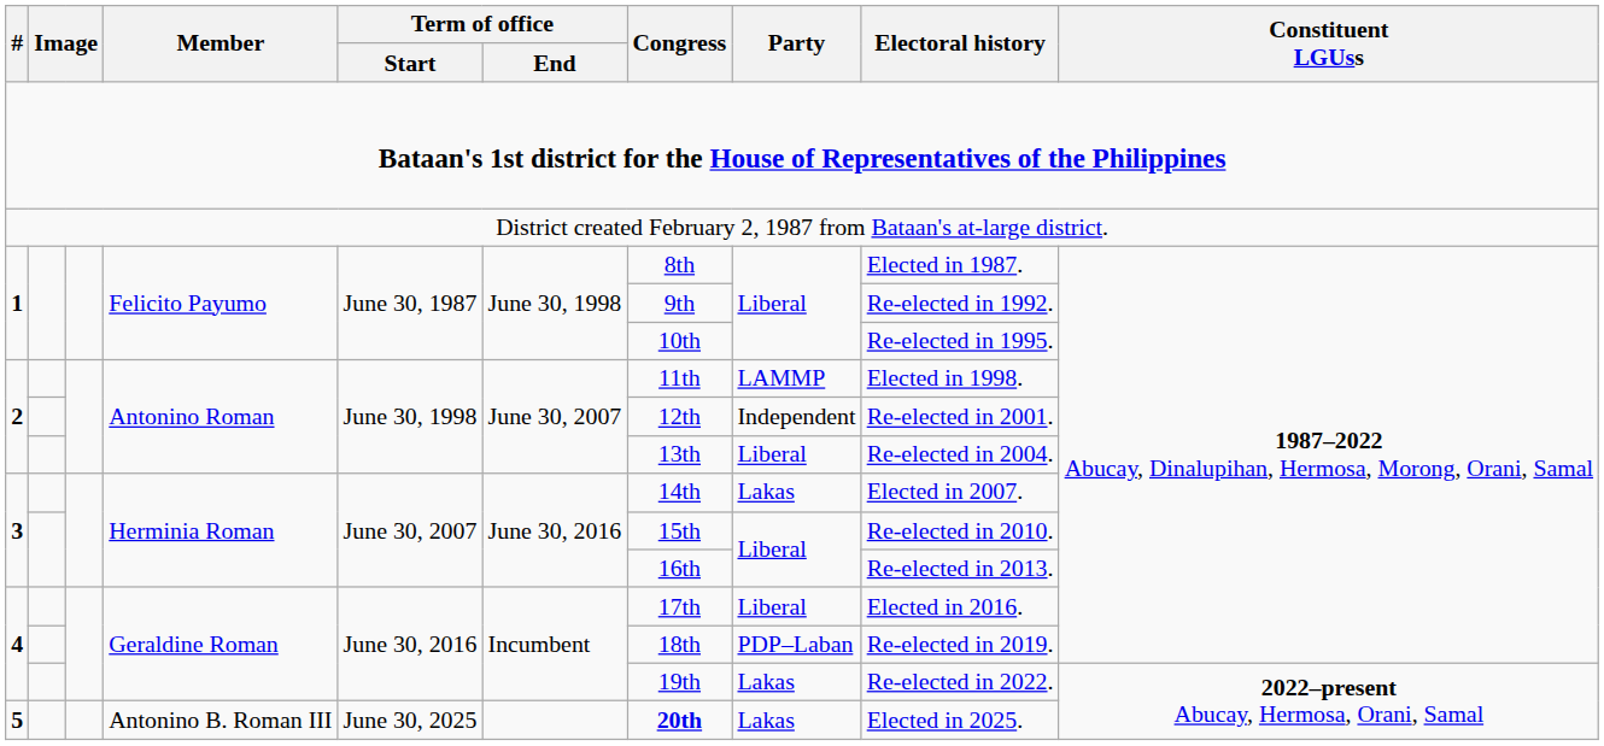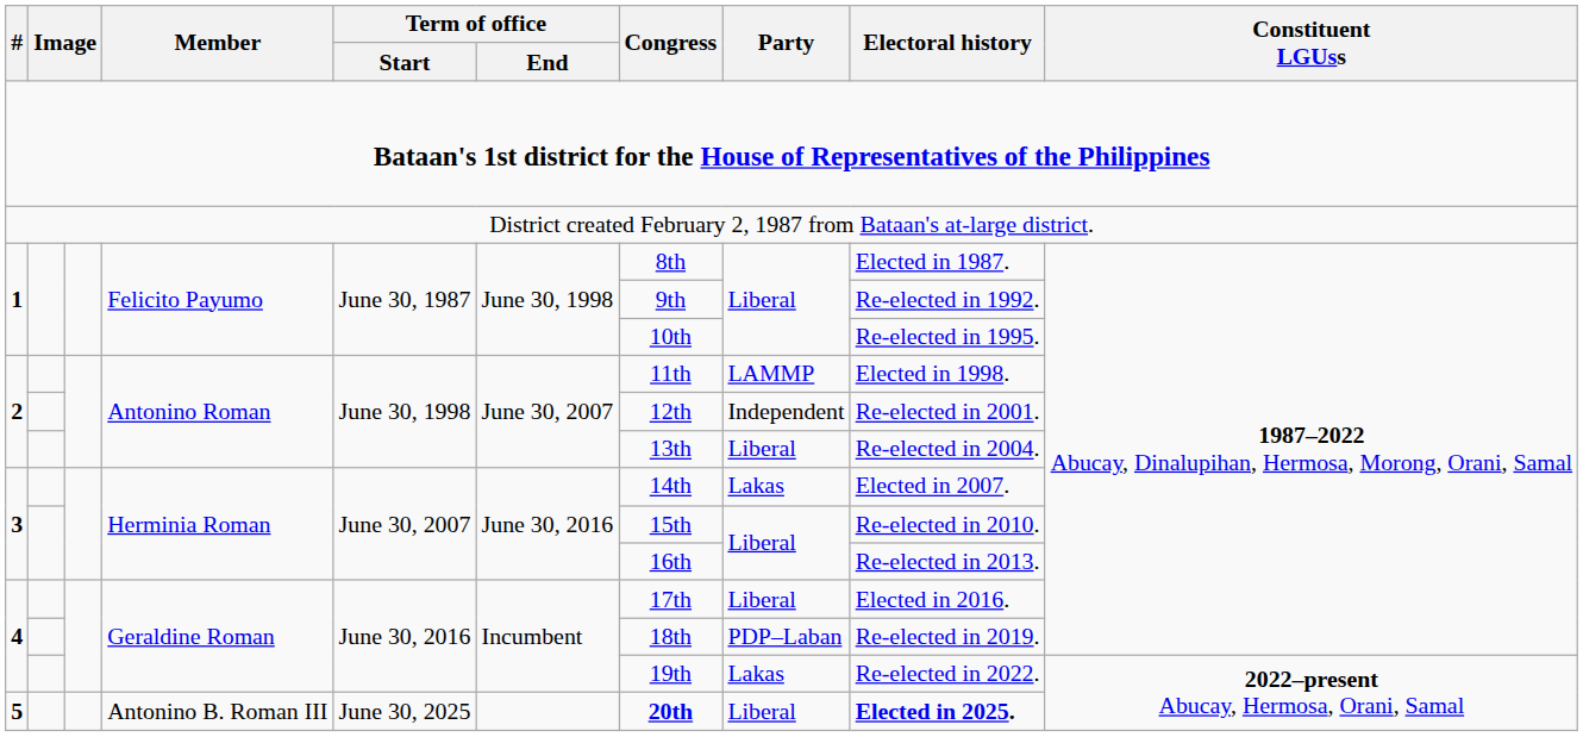 <table class=wikitable>
 <tr>
 <th rowspan="2">#</th>
 <th rowspan="2" colspan=2>Image</th>
 <th rowspan="2">Member</th>
 <th colspan=2>Term of office</th>
 <th rowspan="2">Congress</th>
 <th rowspan="2">Party</th>
 <th rowspan="2">Electoral history</th>
 <th rowspan="2">Constituent<br><a href='#'>LGUs</a>s</th>
 </tr>
 <tr>
 <th>Start</th>
 <th>End</th>
 </tr>
 <tr>
 <td colspan="10" style="text-align:center;"><br><h3>Bataan's 1st district for the <a href='#'>House of Representatives of the Philippines</a></h3></td>
 </tr>
 <tr>
 <td colspan="10" style="text-align:center;">District created February 2, 1987 from <a href='#'>Bataan's at-large district</a>.</td>
 </tr>
 <tr>
 <td rowspan="3" style="text-align:center;"><strong>1</strong></td>
 <td rowspan="3" style="color:inherit;background:"></td>
 <td rowspan="3"></td>
 <td rowspan="3"><a href='#'>Felicito Payumo</a></td>
 <td rowspan="3">June 30, 1987</td>
 <td rowspan="3">June 30, 1998</td>
 <td style="text-align:center;"><a href='#'>8th</a></td>
 <td rowspan="3"><a href='#'>Liberal</a></td>
 <td><a href='#'>Elected in 1987</a>.</td>
 <td rowspan="11" style="text-align:center;"><strong>1987–2022</strong><br><a href='#'>Abucay</a>, <a href='#'>Dinalupihan</a>, <a href='#'>Hermosa</a>, <a href='#'>Morong</a>, <a href='#'>Orani</a>, <a href='#'>Samal</a></td>
 </tr>
 <tr>
 <td style="text-align:center;"><a href='#'>9th</a></td>
 <td><a href='#'>Re-elected in 1992</a>.</td>
 </tr>
 <tr>
 <td style="text-align:center;"><a href='#'>10th</a></td>
 <td><a href='#'>Re-elected in 1995</a>.</td>
 </tr>
 <tr>
 <td rowspan="3" style="text-align:center;"><strong>2</strong></td>
 <td style="color:inherit;background:"></td>
 <td rowspan="3"></td>
 <td rowspan="3"><a href='#'>Antonino Roman</a></td>
 <td rowspan="3">June 30, 1998</td>
 <td rowspan="3">June 30, 2007</td>
 <td style="text-align:center;"><a href='#'>11th</a></td>
 <td><a href='#'>LAMMP</a></td>
 <td><a href='#'>Elected in 1998</a>.</td>
 </tr>
 <tr>
 <td style="color:inherit;background:"></td>
 <td style="text-align:center;"><a href='#'>12th</a></td>
 <td>Independent</td>
 <td><a href='#'>Re-elected in 2001</a>.</td>
 </tr>
 <tr>
 <td style="color:inherit;background:"></td>
 <td style="text-align:center;"><a href='#'>13th</a></td>
 <td><a href='#'>Liberal</a></td>
 <td><a href='#'>Re-elected in 2004</a>.</td>
 </tr>
 <tr>
 <td rowspan="3" style="text-align:center;"><strong>3</strong></td>
 <td style="color:inherit;background:"></td>
 <td rowspan="3"></td>
 <td rowspan="3"><a href='#'>Herminia Roman</a></td>
 <td rowspan="3">June 30, 2007</td>
 <td rowspan="3">June 30, 2016</td>
 <td style="text-align:center;"><a href='#'>14th</a></td>
 <td><a href='#'>Lakas</a></td>
 <td><a href='#'>Elected in 2007</a>.</td>
 </tr>
 <tr>
 <td rowspan="2" style="color:inherit;background:"></td>
 <td style="text-align:center;"><a href='#'>15th</a></td>
 <td rowspan="2"><a href='#'>Liberal</a></td>
 <td><a href='#'>Re-elected in 2010</a>.</td>
 </tr>
 <tr>
 <td style="text-align:center;"><a href='#'>16th</a></td>
 <td><a href='#'>Re-elected in 2013</a>.</td>
 </tr>
 <tr>
 <td rowspan="3" style="text-align:center;"><strong>4</strong></td>
 <td style="color:inherit;background:"></td>
 <td rowspan="3"></td>
 <td rowspan="3"><a href='#'>Geraldine Roman</a></td>
 <td rowspan="3">June 30, 2016</td>
 <td rowspan="3">Incumbent</td>
 <td style="text-align:center;"><a href='#'>17th</a></td>
 <td><a href='#'>Liberal</a></td>
 <td><a href='#'>Elected in 2016</a>.</td>
 </tr>
 <tr>
 <td style="color:inherit;background:"></td>
 <td style="text-align:center;"><a href='#'>18th</a></td>
 <td><a href='#'>PDP–Laban</a></td>
 <td><a href='#'>Re-elected in 2019</a>.</td>
 </tr>
 <tr>
 <td style="color:inherit;background:"></td>
 <td style="text-align:center;"><a href='#'>19th</a></td>
 <td><a href='#'>Lakas</a></td>
 <td><a href='#'>Re-elected in 2022</a>.</td>
 <td rowspan="12" style="text-align:center;"><strong>2022–present</strong><br><a href='#'>Abucay</a>, <a href='#'>Hermosa</a>, <a href='#'>Orani</a>, <a href='#'>Samal</a></td>
 </tr>
 <tr>
 <td style="text-align:center;"><strong>5</strong></td>
 <td style="color:inherit;background:"></td>
 <td></td>
 <td>Antonino B. Roman III</td>
 <td>June 30, 2025</td>
 <td></td>
 <td style="text-align:center;"><strong><a href='#'>20th</a></strong></td>
-<td><a href='#'>Lakas</a></td>
-<td><a href='#'>Elected in 2025</a>.</td>
+<td><a href='#'>Liberal</a></td>
+<td><strong><a href='#'>Elected in 2025</a>.</strong></td>
 </tr>
 </table>
